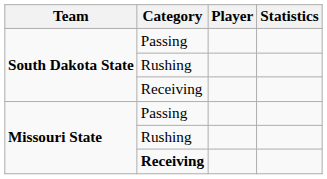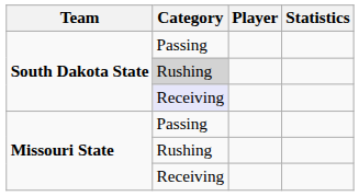 <table class="wikitable" style="float: right;">
 <tr>
 <th>Team</th>
 <th>Category</th>
 <th>Player</th>
 <th>Statistics</th>
 </tr>
 <tr>
 <td rowspan=3><strong>South Dakota State</strong></td>
 <td>Passing</td>
 <td></td>
 <td></td>
 </tr>
 <tr>
-<td>Rushing</td>
+<td style="background: lightgrey;">Rushing</td>
 <td></td>
 <td></td>
 </tr>
 <tr>
-<td>Receiving</td>
+<td style="background: lavender;">Receiving</td>
 <td></td>
 <td></td>
 </tr>
 <tr>
 <td rowspan=3><strong>Missouri State</strong></td>
 <td>Passing</td>
 <td></td>
 <td></td>
 </tr>
 <tr>
 <td>Rushing</td>
 <td></td>
 <td></td>
 </tr>
 <tr>
-<td><strong>Receiving</strong></td>
+<td>Receiving</td>
 <td></td>
 <td></td>
 </tr>
 </table>
